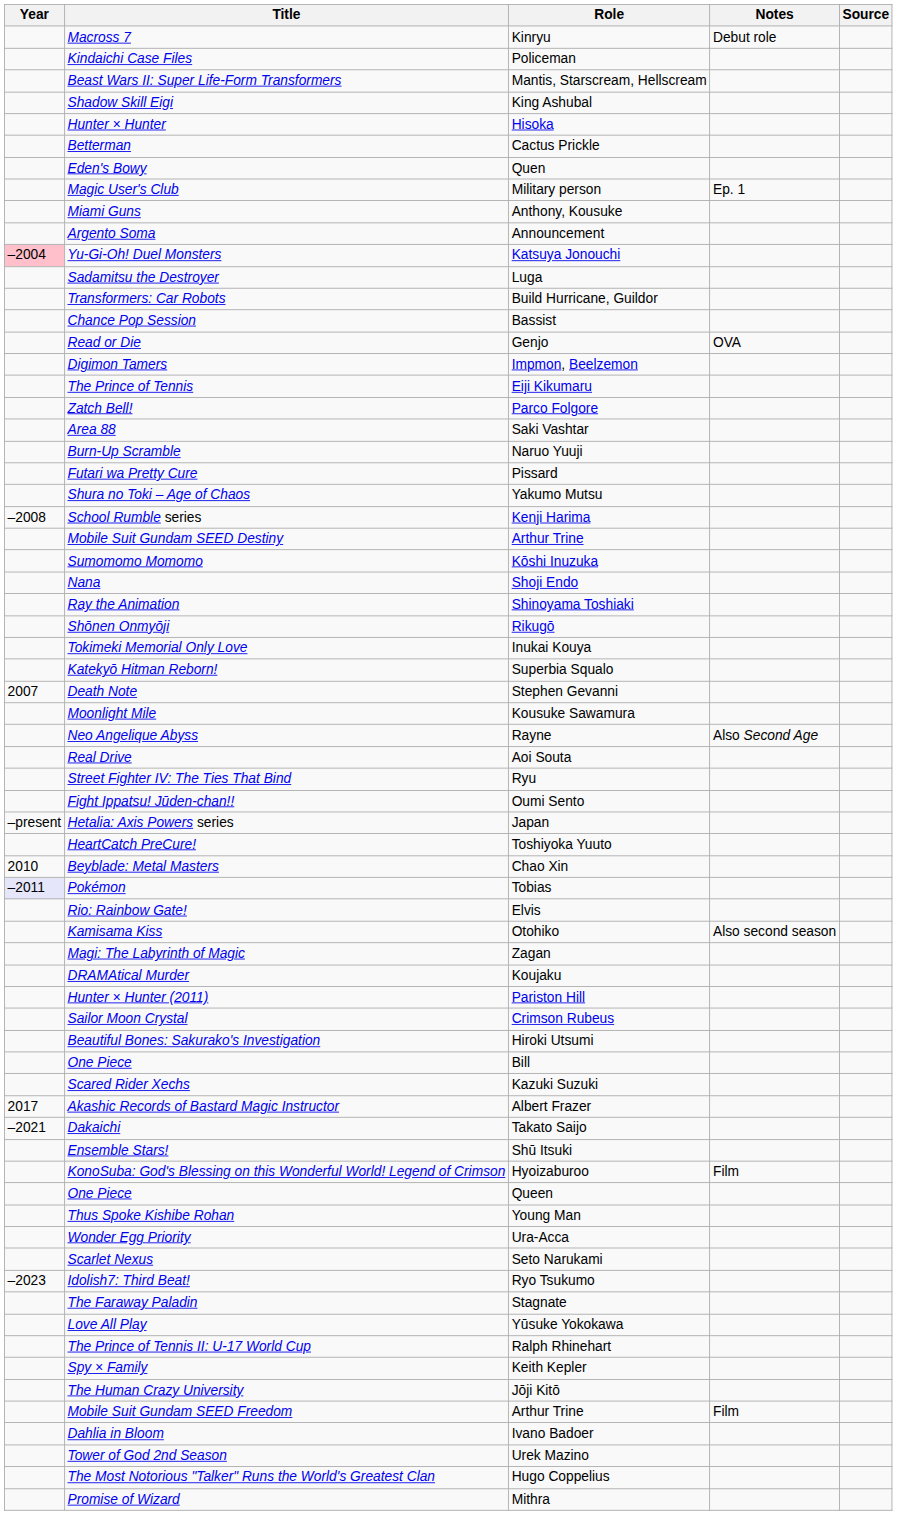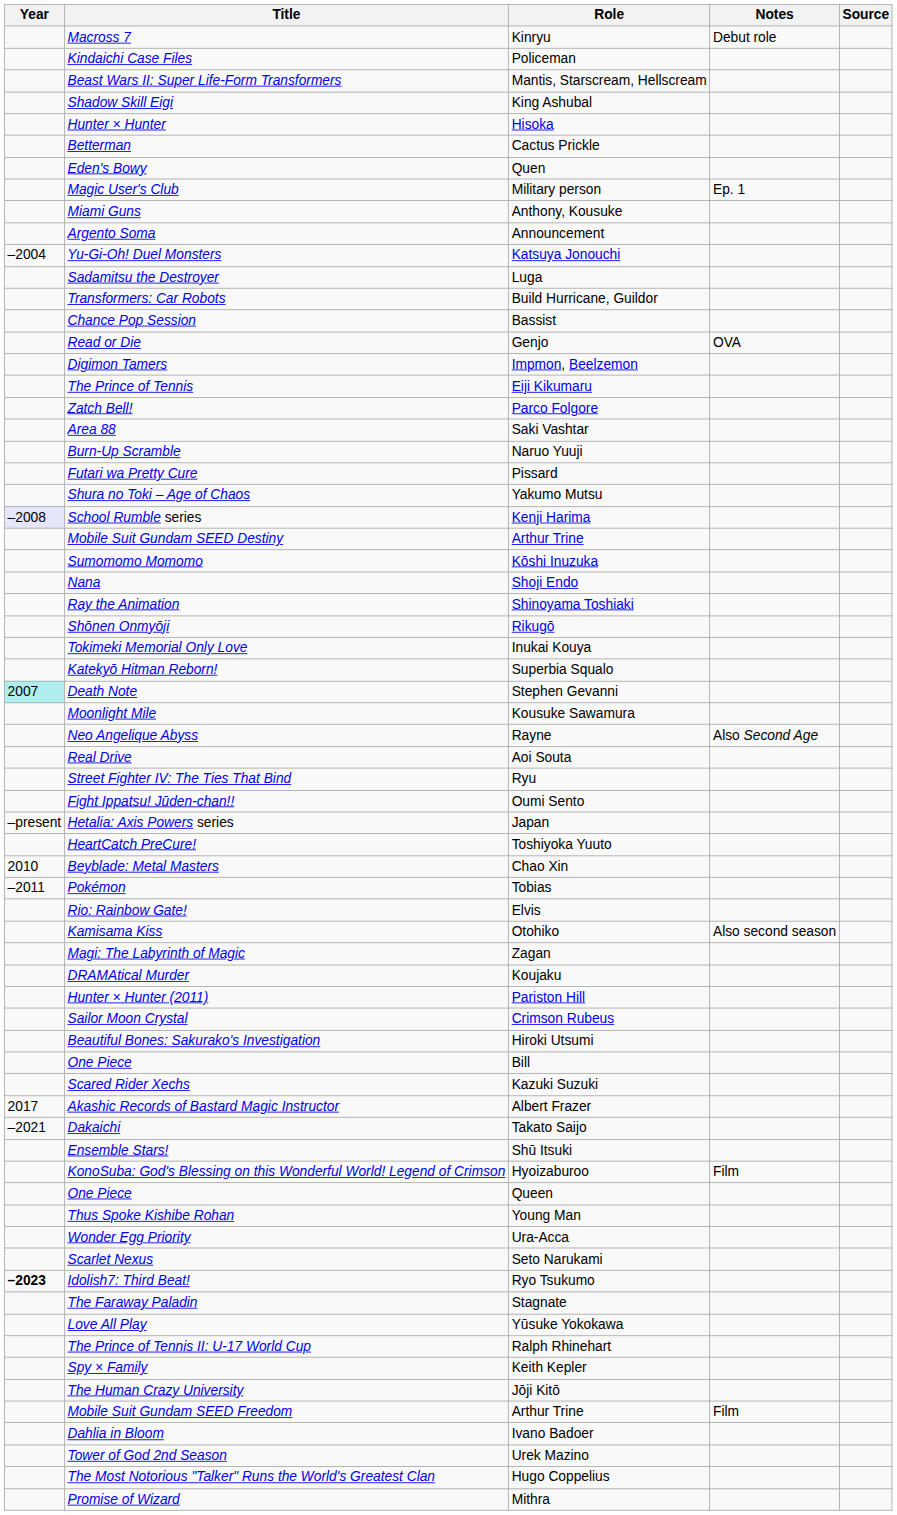 <table class="wikitable sortable plainrowheaders">
 <tr>
 <th>Year</th>
 <th>Title</th>
 <th>Role</th>
 <th class="unsortable">Notes</th>
 <th class="unsortable">Source</th>
 </tr>
 <tr>
 <td></td>
 <td><em><a href='#'>Macross 7</a></em></td>
 <td>Kinryu</td>
 <td>Debut role</td>
 <td></td>
 </tr>
 <tr>
 <td></td>
 <td><em><a href='#'>Kindaichi Case Files</a></em></td>
 <td>Policeman</td>
 <td></td>
 <td></td>
 </tr>
 <tr>
 <td></td>
 <td><em><a href='#'>Beast Wars II: Super Life-Form Transformers</a></em></td>
 <td>Mantis, Starscream, Hellscream</td>
 <td></td>
 <td></td>
 </tr>
 <tr>
 <td></td>
 <td><em><a href='#'>Shadow Skill Eigi</a></em></td>
 <td>King Ashubal</td>
 <td></td>
 <td></td>
 </tr>
 <tr>
 <td></td>
 <td><em><a href='#'>Hunter × Hunter</a></em></td>
 <td><a href='#'>Hisoka</a></td>
 <td></td>
 <td></td>
 </tr>
 <tr>
 <td></td>
 <td><em><a href='#'>Betterman</a></em></td>
 <td>Cactus Prickle</td>
 <td></td>
 <td></td>
 </tr>
 <tr>
 <td></td>
 <td><em><a href='#'>Eden's Bowy</a></em></td>
 <td>Quen</td>
 <td></td>
 <td></td>
 </tr>
 <tr>
 <td></td>
 <td><em><a href='#'>Magic User's Club</a></em></td>
 <td>Military person</td>
 <td>Ep. 1</td>
 <td></td>
 </tr>
 <tr>
 <td></td>
 <td><em><a href='#'>Miami Guns</a></em></td>
 <td>Anthony, Kousuke</td>
 <td></td>
 <td></td>
 </tr>
 <tr>
 <td></td>
 <td><em><a href='#'>Argento Soma</a></em></td>
 <td>Announcement</td>
 <td></td>
 <td></td>
 </tr>
 <tr>
-<td style="background: pink;">–2004</td>
+<td>–2004</td>
 <td><em><a href='#'>Yu-Gi-Oh! Duel Monsters</a></em></td>
 <td><a href='#'>Katsuya Jonouchi</a></td>
 <td></td>
 <td></td>
 </tr>
 <tr>
 <td></td>
 <td><em><a href='#'>Sadamitsu the Destroyer</a></em></td>
 <td>Luga</td>
 <td></td>
 <td></td>
 </tr>
 <tr>
 <td></td>
 <td><em><a href='#'>Transformers: Car Robots</a></em></td>
 <td>Build Hurricane, Guildor</td>
 <td></td>
 <td></td>
 </tr>
 <tr>
 <td></td>
 <td><em><a href='#'>Chance Pop Session</a></em></td>
 <td>Bassist</td>
 <td></td>
 <td></td>
 </tr>
 <tr>
 <td></td>
 <td><em><a href='#'>Read or Die</a></em></td>
 <td>Genjo</td>
 <td>OVA</td>
 <td></td>
 </tr>
 <tr>
 <td></td>
 <td><em><a href='#'>Digimon Tamers</a></em></td>
 <td><a href='#'>Impmon</a>, <a href='#'>Beelzemon</a></td>
 <td></td>
 <td></td>
 </tr>
 <tr>
 <td></td>
 <td><em><a href='#'>The Prince of Tennis</a></em></td>
 <td><a href='#'>Eiji Kikumaru</a></td>
 <td></td>
 <td></td>
 </tr>
 <tr>
 <td></td>
 <td><em><a href='#'>Zatch Bell!</a></em></td>
 <td><a href='#'>Parco Folgore</a></td>
 <td></td>
 <td></td>
 </tr>
 <tr>
 <td></td>
 <td><em><a href='#'>Area 88</a></em></td>
 <td>Saki Vashtar</td>
 <td></td>
 <td></td>
 </tr>
 <tr>
 <td></td>
 <td><em><a href='#'>Burn-Up Scramble</a></em></td>
 <td>Naruo Yuuji</td>
 <td></td>
 <td></td>
 </tr>
 <tr>
 <td></td>
 <td><em><a href='#'>Futari wa Pretty Cure</a></em></td>
 <td>Pissard</td>
 <td></td>
 <td></td>
 </tr>
 <tr>
 <td></td>
 <td><em><a href='#'>Shura no Toki – Age of Chaos</a></em></td>
 <td>Yakumo Mutsu</td>
 <td></td>
 <td></td>
 </tr>
 <tr>
-<td>–2008</td>
+<td style="background: lavender;">–2008</td>
 <td><em><a href='#'>School Rumble</a></em> series</td>
 <td><a href='#'>Kenji Harima</a></td>
 <td></td>
 <td></td>
 </tr>
 <tr>
 <td></td>
 <td><em><a href='#'>Mobile Suit Gundam SEED Destiny</a></em></td>
 <td><a href='#'>Arthur Trine</a></td>
 <td></td>
 <td></td>
 </tr>
 <tr>
 <td></td>
 <td><em><a href='#'>Sumomomo Momomo</a></em></td>
 <td><a href='#'>Kōshi Inuzuka</a></td>
 <td></td>
 <td></td>
 </tr>
 <tr>
 <td></td>
 <td><em><a href='#'>Nana</a></em></td>
 <td><a href='#'>Shoji Endo</a></td>
 <td></td>
 <td></td>
 </tr>
 <tr>
 <td></td>
 <td><em><a href='#'>Ray the Animation</a></em></td>
 <td><a href='#'>Shinoyama Toshiaki</a></td>
 <td></td>
 <td></td>
 </tr>
 <tr>
 <td></td>
 <td><em><a href='#'>Shōnen Onmyōji</a></em></td>
 <td><a href='#'>Rikugō</a></td>
 <td></td>
 <td></td>
 </tr>
 <tr>
 <td></td>
 <td><em><a href='#'>Tokimeki Memorial Only Love</a></em></td>
 <td>Inukai Kouya </td>
 <td></td>
 <td></td>
 </tr>
 <tr>
 <td></td>
 <td><em><a href='#'>Katekyō Hitman Reborn!</a></em></td>
 <td>Superbia Squalo</td>
 <td></td>
 <td></td>
 </tr>
 <tr>
-<td>2007</td>
+<td style="background: paleturquoise;">2007</td>
 <td><em><a href='#'>Death Note</a></em></td>
 <td>Stephen Gevanni</td>
 <td></td>
 <td></td>
 </tr>
 <tr>
 <td></td>
 <td><em><a href='#'>Moonlight Mile</a></em></td>
 <td>Kousuke Sawamura</td>
 <td></td>
 <td></td>
 </tr>
 <tr>
 <td></td>
 <td><em><a href='#'>Neo Angelique Abyss</a></em></td>
 <td>Rayne</td>
 <td>Also <em>Second Age</em></td>
 <td></td>
 </tr>
 <tr>
 <td></td>
 <td><em><a href='#'>Real Drive</a></em></td>
 <td>Aoi Souta</td>
 <td></td>
 <td></td>
 </tr>
 <tr>
 <td></td>
 <td><em><a href='#'>Street Fighter IV: The Ties That Bind</a></em></td>
 <td>Ryu</td>
 <td></td>
 <td></td>
 </tr>
 <tr>
 <td></td>
 <td><em><a href='#'>Fight Ippatsu! Jūden-chan!!</a></em></td>
 <td>Oumi Sento</td>
 <td></td>
 <td></td>
 </tr>
 <tr>
 <td>–present</td>
 <td><em><a href='#'>Hetalia: Axis Powers</a></em> series</td>
 <td>Japan </td>
 <td></td>
 <td></td>
 </tr>
 <tr>
 <td></td>
 <td><em><a href='#'>HeartCatch PreCure!</a></em></td>
 <td>Toshiyoka Yuuto</td>
 <td></td>
 <td></td>
 </tr>
 <tr>
 <td>2010</td>
 <td><em><a href='#'>Beyblade: Metal Masters</a></em></td>
 <td>Chao Xin</td>
 <td></td>
 <td></td>
 </tr>
 <tr>
-<td style="background: lavender;">–2011</td>
+<td>–2011</td>
 <td><em><a href='#'>Pokémon</a></em></td>
 <td>Tobias</td>
 <td></td>
 <td></td>
 </tr>
 <tr>
 <td></td>
 <td><em><a href='#'>Rio: Rainbow Gate!</a></em></td>
 <td>Elvis</td>
 <td></td>
 <td></td>
 </tr>
 <tr>
 <td></td>
 <td><em><a href='#'>Kamisama Kiss</a></em></td>
 <td>Otohiko</td>
 <td>Also second season</td>
 <td></td>
 </tr>
 <tr>
 <td></td>
 <td><em><a href='#'>Magi: The Labyrinth of Magic</a></em></td>
 <td>Zagan</td>
 <td></td>
 <td></td>
 </tr>
 <tr>
 <td></td>
 <td><em><a href='#'>DRAMAtical Murder</a></em></td>
 <td>Koujaku</td>
 <td></td>
 <td></td>
 </tr>
 <tr>
 <td></td>
 <td><em><a href='#'>Hunter × Hunter (2011)</a></em></td>
 <td><a href='#'>Pariston Hill</a></td>
 <td></td>
 <td></td>
 </tr>
 <tr>
 <td></td>
 <td><em><a href='#'>Sailor Moon Crystal</a></em></td>
 <td><a href='#'>Crimson Rubeus</a></td>
 <td></td>
 <td></td>
 </tr>
 <tr>
 <td></td>
 <td><em><a href='#'>Beautiful Bones: Sakurako's Investigation</a></em></td>
 <td>Hiroki Utsumi</td>
 <td></td>
 <td></td>
 </tr>
 <tr>
 <td></td>
 <td><em><a href='#'>One Piece</a></em></td>
 <td>Bill</td>
 <td></td>
 <td></td>
 </tr>
 <tr>
 <td></td>
 <td><em><a href='#'>Scared Rider Xechs</a></em></td>
 <td>Kazuki Suzuki</td>
 <td></td>
 <td></td>
 </tr>
 <tr>
 <td>2017</td>
 <td><em><a href='#'>Akashic Records of Bastard Magic Instructor</a></em></td>
 <td>Albert Frazer</td>
 <td></td>
 <td></td>
 </tr>
 <tr>
 <td>–2021</td>
 <td><em><a href='#'>Dakaichi</a></em></td>
 <td>Takato Saijo</td>
 <td></td>
 <td></td>
 </tr>
 <tr>
 <td></td>
 <td><em><a href='#'>Ensemble Stars!</a></em></td>
 <td>Shū Itsuki</td>
 <td></td>
 <td></td>
 </tr>
 <tr>
 <td></td>
 <td><em><a href='#'>KonoSuba: God's Blessing on this Wonderful World! Legend of Crimson</a></em></td>
 <td>Hyoizaburoo</td>
 <td>Film</td>
 <td></td>
 </tr>
 <tr>
 <td></td>
 <td><em><a href='#'>One Piece</a></em></td>
 <td>Queen</td>
 <td></td>
 <td></td>
 </tr>
 <tr>
 <td></td>
 <td><em><a href='#'>Thus Spoke Kishibe Rohan</a></em></td>
 <td>Young Man</td>
 <td></td>
 <td></td>
 </tr>
 <tr>
 <td></td>
 <td><em><a href='#'>Wonder Egg Priority</a></em></td>
 <td>Ura-Acca</td>
 <td></td>
 <td></td>
 </tr>
 <tr>
 <td></td>
 <td><em><a href='#'>Scarlet Nexus</a></em></td>
 <td>Seto Narukami</td>
 <td></td>
 <td></td>
 </tr>
 <tr>
-<td>–2023</td>
+<td><strong>–2023</strong></td>
 <td><em><a href='#'>Idolish7: Third Beat!</a></em></td>
 <td>Ryo Tsukumo</td>
 <td></td>
 <td></td>
 </tr>
 <tr>
 <td></td>
 <td><em><a href='#'>The Faraway Paladin</a></em></td>
 <td>Stagnate</td>
 <td></td>
 <td></td>
 </tr>
 <tr>
 <td></td>
 <td><em><a href='#'>Love All Play</a></em></td>
 <td>Yūsuke Yokokawa</td>
 <td></td>
 <td></td>
 </tr>
 <tr>
 <td></td>
 <td><em><a href='#'>The Prince of Tennis II: U-17 World Cup</a></em></td>
 <td>Ralph Rhinehart</td>
 <td></td>
 <td></td>
 </tr>
 <tr>
 <td></td>
 <td><em><a href='#'>Spy × Family</a></em></td>
 <td>Keith Kepler</td>
 <td></td>
 <td></td>
 </tr>
 <tr>
 <td></td>
 <td><em><a href='#'>The Human Crazy University</a></em></td>
 <td>Jōji Kitō</td>
 <td></td>
 <td></td>
 </tr>
 <tr>
 <td></td>
 <td><em><a href='#'>Mobile Suit Gundam SEED Freedom</a></em></td>
 <td>Arthur Trine</td>
 <td>Film</td>
 <td></td>
 </tr>
 <tr>
 <td></td>
 <td><em><a href='#'>Dahlia in Bloom</a></em></td>
 <td>Ivano Badoer</td>
 <td></td>
 <td></td>
 </tr>
 <tr>
 <td></td>
 <td><em><a href='#'>Tower of God 2nd Season</a></em></td>
 <td>Urek Mazino</td>
 <td></td>
 <td></td>
 </tr>
 <tr>
 <td></td>
 <td><em><a href='#'>The Most Notorious "Talker" Runs the World's Greatest Clan</a></em></td>
 <td>Hugo Coppelius</td>
 <td></td>
 <td></td>
 </tr>
 <tr>
 <td></td>
 <td><em><a href='#'>Promise of Wizard</a></em></td>
 <td>Mithra</td>
 <td></td>
 <td></td>
 </tr>
 </table>
